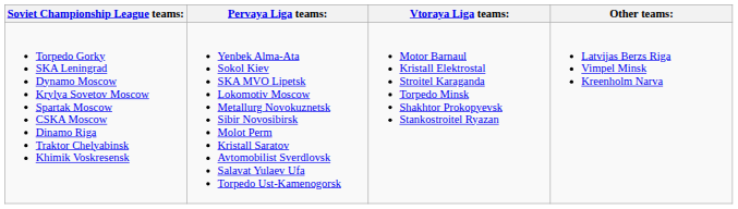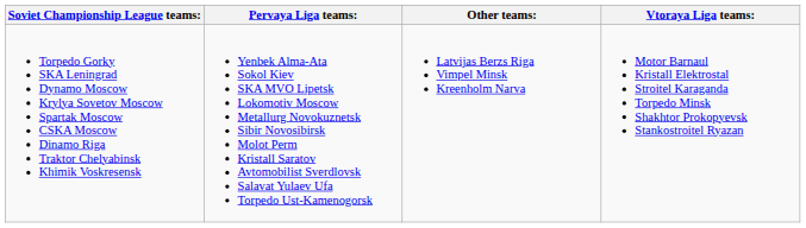 <table class="wikitable">
 <tr valign="top" bgcolor="#e0e0e0">
 <th align="center" width="25%"><a href='#'>Soviet Championship League</a> teams:</th>
 <th align="center" width="25%"><a href='#'>Pervaya Liga</a> teams:</th>
+<th align="center" width="25%">Other teams:</th>
 <th align="center" width="25%"><a href='#'>Vtoraya Liga</a> teams:</th>
-<th align="center" width="25%">Other teams:</th>
 </tr>
 <tr valign="top">
 <td><br><ul><li><a href='#'>Torpedo Gorky</a></li><li><a href='#'>SKA Leningrad</a></li><li><a href='#'>Dynamo Moscow</a></li><li><a href='#'>Krylya Sovetov Moscow</a></li><li><a href='#'>Spartak Moscow</a></li><li><a href='#'>CSKA Moscow</a></li><li><a href='#'>Dinamo Riga</a></li><li><a href='#'>Traktor Chelyabinsk</a></li><li><a href='#'>Khimik Voskresensk</a></li></ul></td>
 <td><br><ul><li><a href='#'>Yenbek Alma-Ata</a></li><li><a href='#'>Sokol Kiev</a></li><li><a href='#'>SKA MVO Lipetsk</a></li><li><a href='#'>Lokomotiv Moscow</a></li><li><a href='#'>Metallurg Novokuznetsk</a></li><li><a href='#'>Sibir Novosibirsk</a></li><li><a href='#'>Molot Perm</a></li><li><a href='#'>Kristall Saratov</a></li><li><a href='#'>Avtomobilist Sverdlovsk</a></li><li><a href='#'>Salavat Yulaev Ufa</a></li><li><a href='#'>Torpedo Ust-Kamenogorsk</a></li></ul></td>
+<td><br><ul><li><a href='#'>Latvijas Berzs Riga</a></li><li><a href='#'>Vimpel Minsk</a></li><li><a href='#'>Kreenholm Narva</a></li></ul></td>
 <td><br><ul><li><a href='#'>Motor Barnaul</a></li><li><a href='#'>Kristall Elektrostal</a></li><li><a href='#'>Stroitel Karaganda</a></li><li><a href='#'>Torpedo Minsk</a></li><li><a href='#'>Shakhtor Prokopyevsk</a></li><li><a href='#'>Stankostroitel Ryazan</a></li></ul></td>
-<td><br><ul><li><a href='#'>Latvijas Berzs Riga</a></li><li><a href='#'>Vimpel Minsk</a></li><li><a href='#'>Kreenholm Narva</a></li></ul></td>
 </tr>
 </table>
